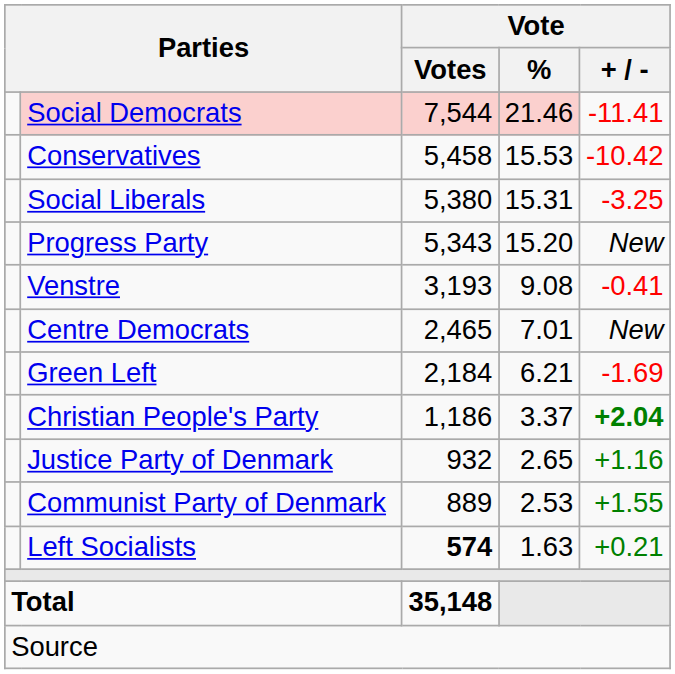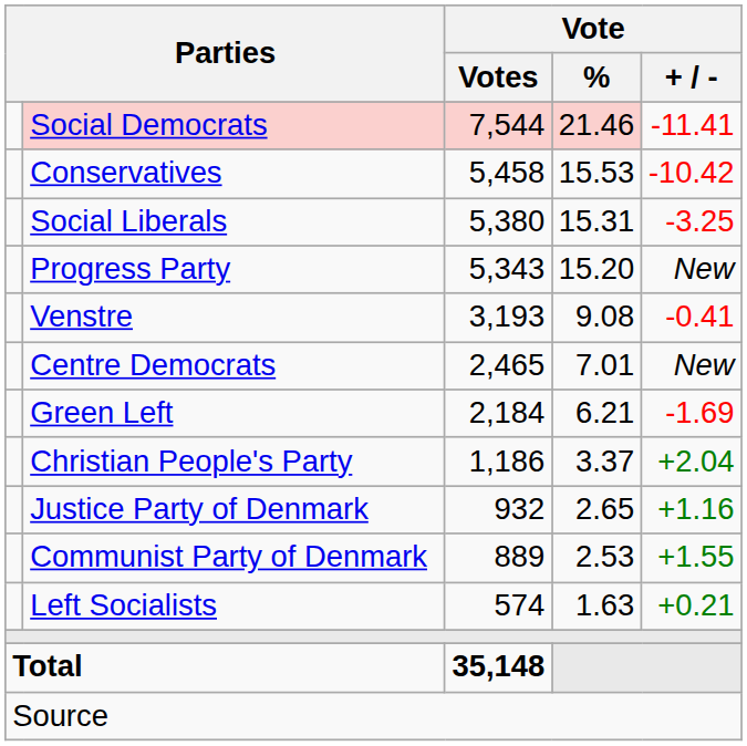 <table class="wikitable" style="text-align:right;">
 <tr>
 <th style="text-align:centre;" rowspan="2" colspan="2" width="225">Parties</th>
 <th colspan="3">Vote</th>
 </tr>
 <tr>
 <th width="15">Votes</th>
 <th width="15">%</th>
 <th width="15">+ / -</th>
 </tr>
 <tr>
 <td width="2" style="color:inherit;background:"></td>
 <td bgcolor=#fbd0ce  align="left"><a href='#'>Social Democrats</a></td>
 <td bgcolor=#fbd0ce>7,544</td>
 <td bgcolor=#fbd0ce>21.46</td>
 <td style=color:red;>-11.41</td>
 </tr>
 <tr>
 <td width="2" style="color:inherit;background:"></td>
 <td align="left"><a href='#'>Conservatives</a></td>
 <td>5,458</td>
 <td>15.53</td>
 <td style=color:red;>-10.42</td>
 </tr>
 <tr>
 <td width="2" style="color:inherit;background:"></td>
 <td align="left"><a href='#'>Social Liberals</a></td>
 <td>5,380</td>
 <td>15.31</td>
 <td style=color:red;>-3.25</td>
 </tr>
 <tr>
 <td width="2" style="color:inherit;background:"></td>
 <td align="left"><a href='#'>Progress Party</a></td>
 <td>5,343</td>
 <td>15.20</td>
 <td><em>New</em></td>
 </tr>
 <tr>
 <td width="2" style="color:inherit;background:"></td>
 <td align="left"><a href='#'>Venstre</a></td>
 <td>3,193</td>
 <td>9.08</td>
 <td style=color:red;>-0.41</td>
 </tr>
 <tr>
 <td width="2" style="color:inherit;background:"></td>
 <td align="left"><a href='#'>Centre Democrats</a></td>
 <td>2,465</td>
 <td>7.01</td>
 <td><em>New</em></td>
 </tr>
 <tr>
 <td width="2" style="color:inherit;background:"></td>
 <td align="left"><a href='#'>Green Left</a></td>
 <td>2,184</td>
 <td>6.21</td>
 <td style=color:red;>-1.69</td>
 </tr>
 <tr>
 <td width="2" style="color:inherit;background:"></td>
 <td align="left"><a href='#'>Christian People's Party</a></td>
 <td>1,186</td>
 <td>3.37</td>
-<td style=color:green;><strong>+2.04</strong></td>
+<td style=color:green;>+2.04</td>
 </tr>
 <tr>
 <td width="2" style="color:inherit;background:"></td>
 <td align="left"><a href='#'>Justice Party of Denmark</a></td>
 <td>932</td>
 <td>2.65</td>
 <td style=color:green;>+1.16</td>
 </tr>
 <tr>
 <td width="2" style="color:inherit;background:"></td>
 <td align="left"><a href='#'>Communist Party of Denmark</a></td>
 <td>889</td>
 <td>2.53</td>
 <td style=color:green;>+1.55</td>
 </tr>
 <tr>
 <td width="2" style="color:inherit;background:"></td>
 <td align="left"><a href='#'>Left Socialists</a></td>
-<td><strong>574</strong></td>
+<td>574</td>
 <td>1.63</td>
 <td style=color:green;>+0.21</td>
 </tr>
 <tr>
 <td colspan="7" bgcolor="#E9E9E9"></td>
 </tr>
 <tr>
 <td align="left" colspan="2"><strong>Total</strong></td>
 <td><strong>35,148</strong></td>
 <td bgcolor="#E9E9E9" colspan="2"></td>
 </tr>
 <tr>
 <td align="left" colspan="6">Source</td>
 </tr>
 </table>
